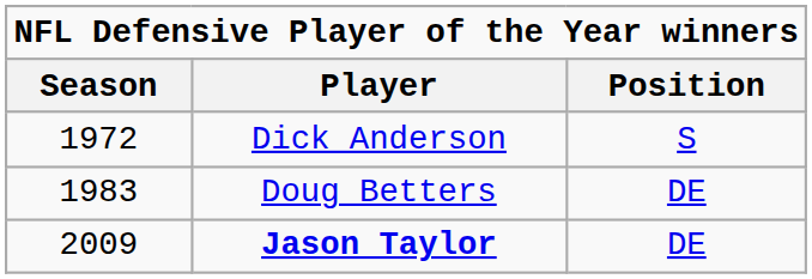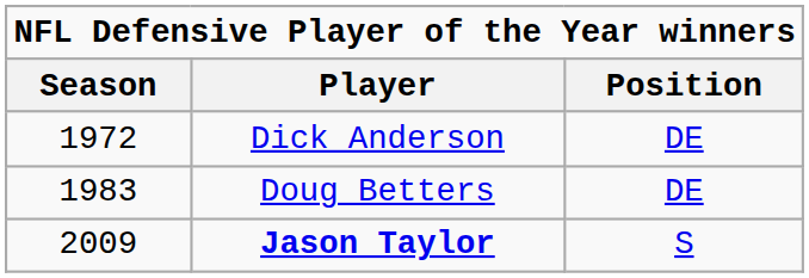 <table class="wikitable" style="text-align:center">
 <tr>
 <td colspan="3"><strong>NFL Defensive Player of the Year winners</strong></td>
 </tr>
 <tr>
 <th>Season</th>
 <th>Player</th>
 <th>Position</th>
 </tr>
 <tr>
 <td>1972</td>
 <td><a href='#'>Dick Anderson</a></td>
-<td><a href='#'>S</a></td>
+<td><a href='#'>DE</a></td>
 </tr>
 <tr>
 <td>1983</td>
 <td><a href='#'>Doug Betters</a></td>
 <td><a href='#'>DE</a></td>
 </tr>
 <tr>
 <td>2009</td>
 <td><strong><a href='#'>Jason Taylor</a></strong></td>
-<td><a href='#'>DE</a></td>
+<td><a href='#'>S</a></td>
 </tr>
 </table>
